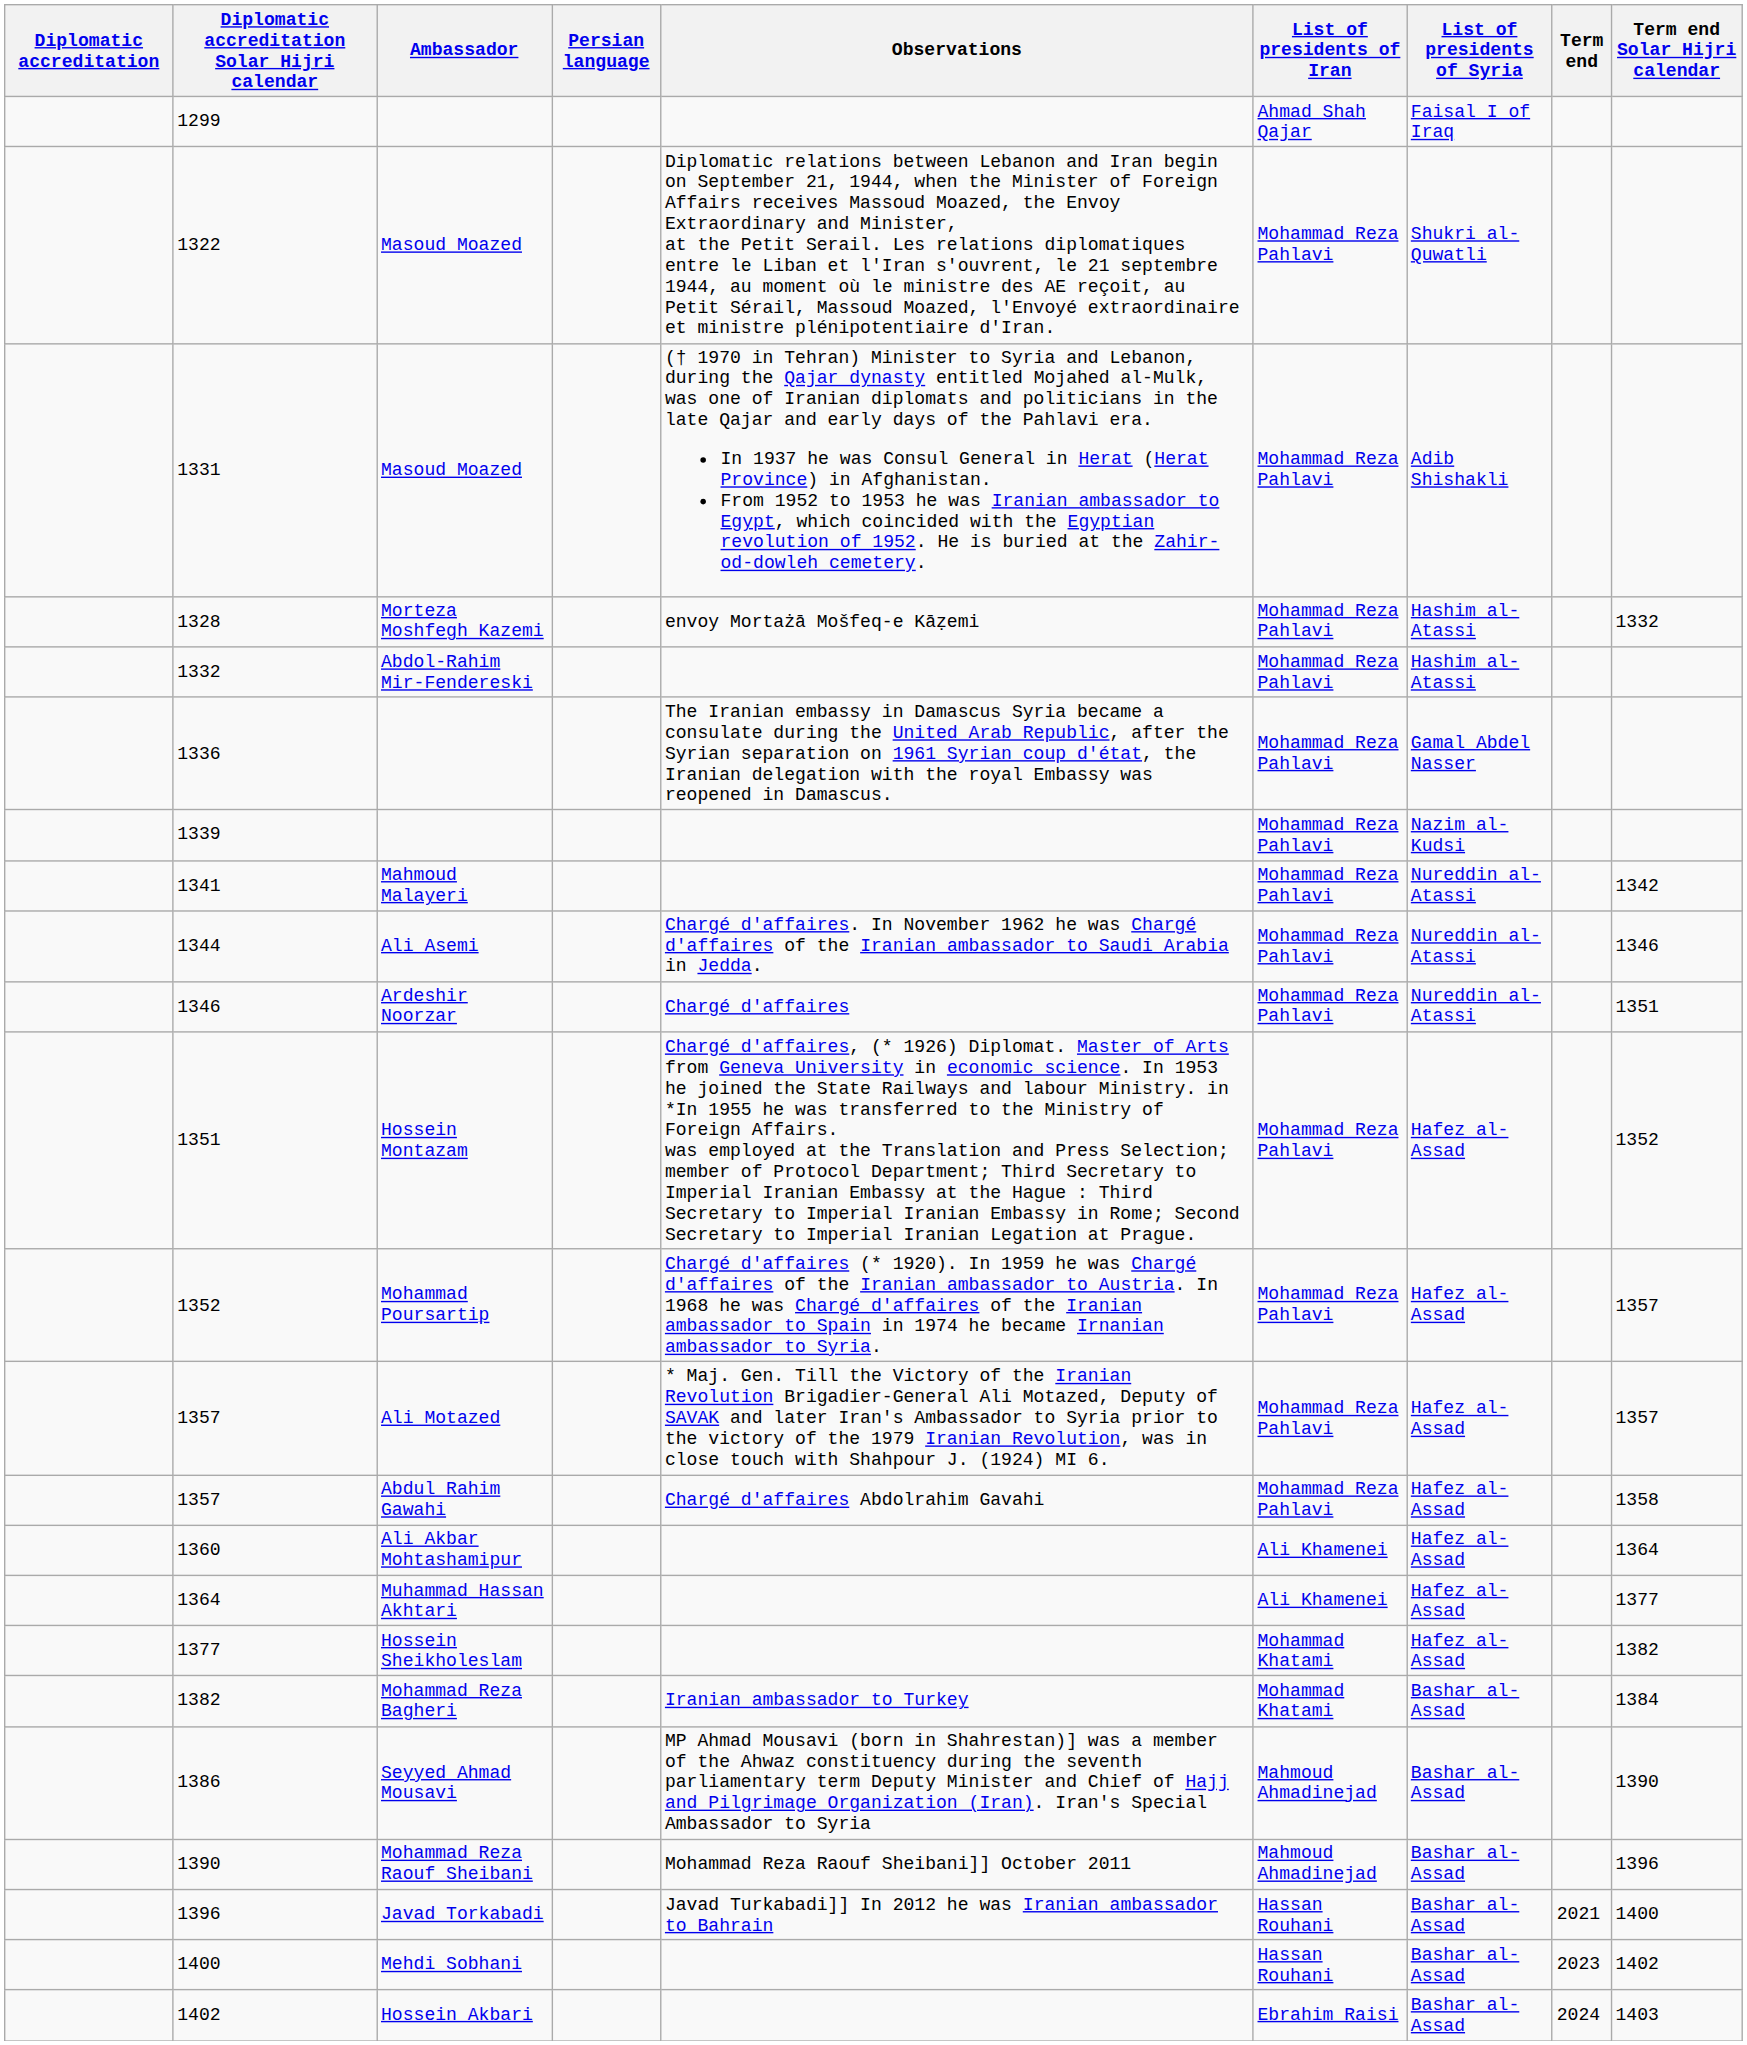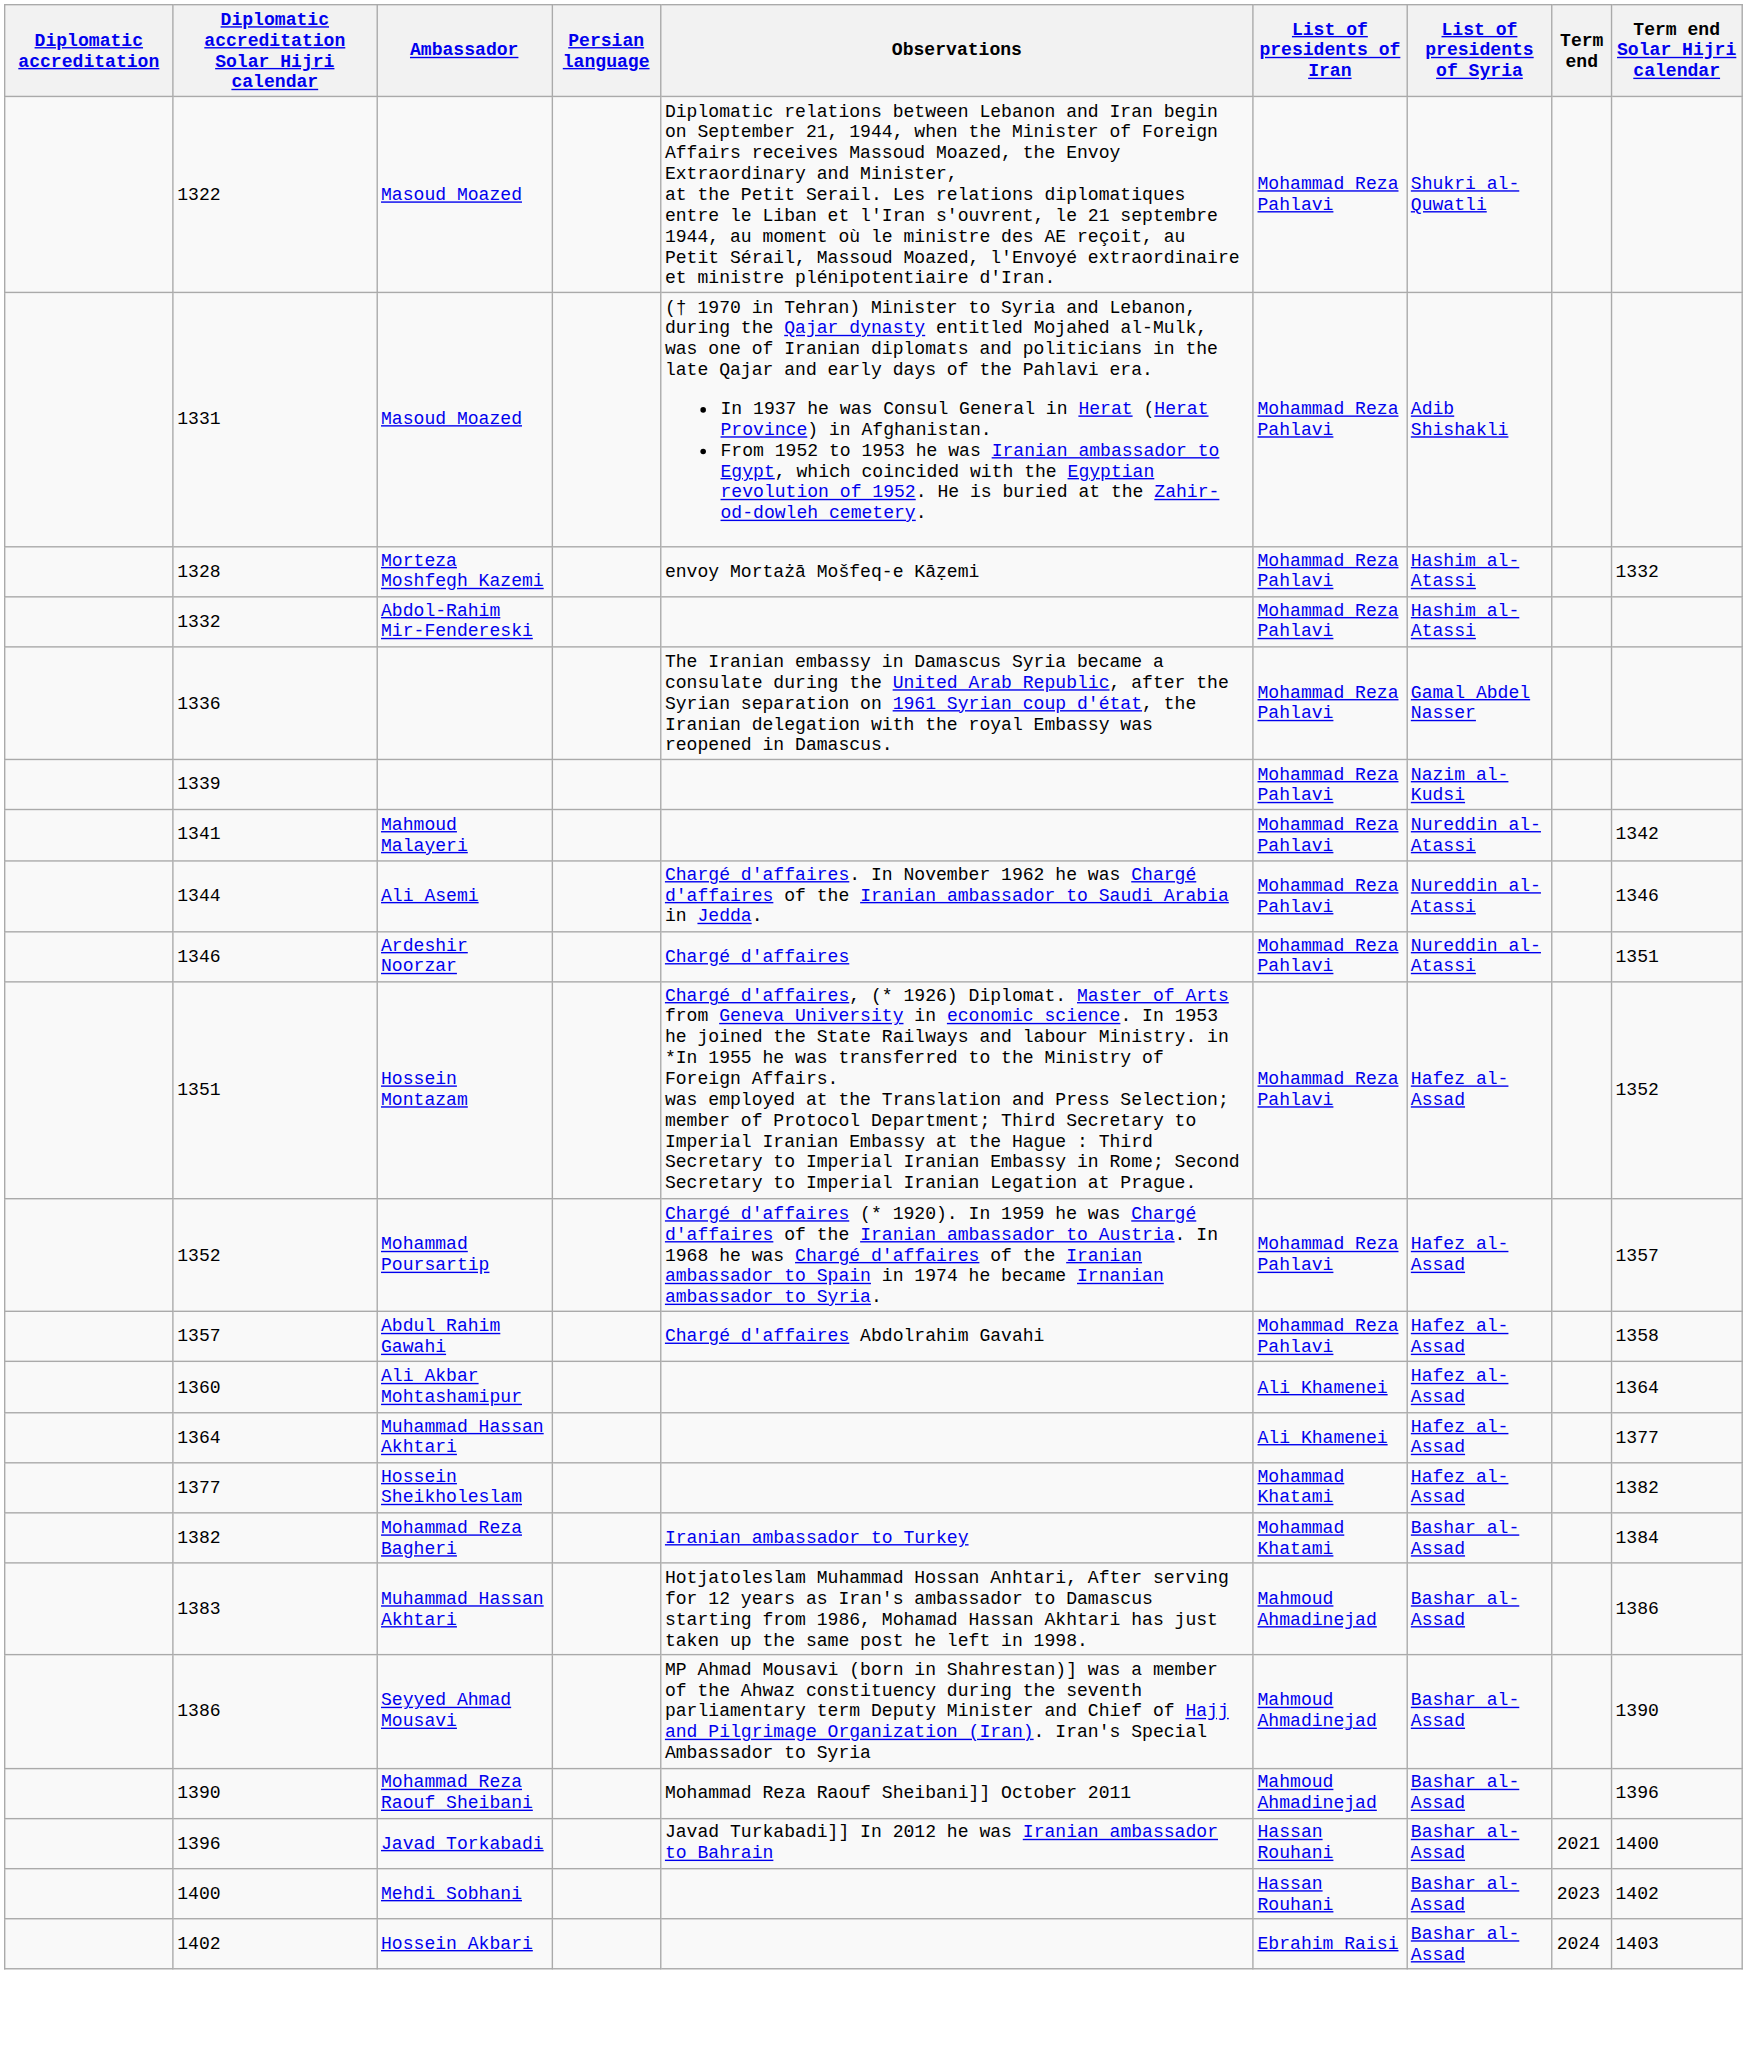 <table class="wikitable sortable">
 <tr>
 <th><a href='#'>Diplomatic accreditation</a></th>
 <th><a href='#'>Diplomatic accreditation</a> <a href='#'>Solar Hijri calendar</a></th>
 <th><a href='#'>Ambassador</a></th>
 <th><a href='#'>Persian language</a></th>
 <th>Observations</th>
 <th><a href='#'>List of presidents of Iran</a></th>
 <th><a href='#'>List of presidents of Syria</a></th>
 <th>Term end</th>
 <th>Term end <a href='#'>Solar Hijri calendar</a></th>
-</tr>
-<tr>
-<td></td>
-<td>1299</td>
-<td></td>
-<td></td>
-<td></td>
-<td><a href='#'>Ahmad Shah Qajar</a></td>
-<td><a href='#'>Faisal I of Iraq</a></td>
-<td></td>
-<td></td>
 </tr>
 <tr>
 <td></td>
 <td>1322</td>
 <td><a href='#'>Masoud Moazed</a></td>
 <td></td>
 <td>Diplomatic relations between Lebanon and Iran begin on September 21, 1944, when the Minister of Foreign Affairs receives Massoud Moazed, the Envoy Extraordinary and Minister,<br>at the Petit Serail. Les relations diplomatiques entre le Liban et l'Iran s'ouvrent, le 21 septembre 1944, au moment où le ministre des AE reçoit, au Petit Sérail, Massoud Moazed, l'Envoyé extraordinaire et ministre plénipotentiaire d'Iran.</td>
 <td><a href='#'>Mohammad Reza Pahlavi</a></td>
 <td><a href='#'>Shukri al-Quwatli</a></td>
 <td></td>
 <td></td>
 </tr>
 <tr>
 <td></td>
 <td>1331</td>
 <td><a href='#'>Masoud Moazed</a></td>
 <td></td>
 <td>(† 1970 in Tehran) Minister to Syria and Lebanon, during the <a href='#'>Qajar dynasty</a> entitled  Mojahed al-Mulk, was one of Iranian diplomats and politicians in the late Qajar and early days of the Pahlavi era.<br><ul><li>In 1937 he was Consul General in <a href='#'>Herat</a> (<a href='#'>Herat Province</a>) in Afghanistan.</li><li>From 1952 to 1953 he was <a href='#'>Iranian ambassador to Egypt</a>, which coincided with the <a href='#'>Egyptian revolution of 1952</a>. He is buried at the <a href='#'>Zahir-od-dowleh cemetery</a>.</li></ul></td>
 <td><a href='#'>Mohammad Reza Pahlavi</a></td>
 <td><a href='#'>Adib Shishakli</a></td>
 <td></td>
 <td></td>
 </tr>
 <tr>
 <td></td>
 <td>1328</td>
 <td><a href='#'>Morteza Moshfegh Kazemi</a></td>
 <td></td>
 <td>envoy Mortażā Mošfeq-e Kāẓemi</td>
 <td><a href='#'>Mohammad Reza Pahlavi</a></td>
 <td><a href='#'>Hashim al-Atassi</a></td>
 <td></td>
 <td>1332</td>
 </tr>
 <tr>
 <td></td>
 <td>1332</td>
 <td><a href='#'>Abdol-Rahim Mir-Fendereski</a></td>
 <td></td>
 <td></td>
 <td><a href='#'>Mohammad Reza Pahlavi</a></td>
 <td><a href='#'>Hashim al-Atassi</a></td>
 <td></td>
 <td></td>
 </tr>
 <tr>
 <td></td>
 <td>1336</td>
 <td></td>
 <td></td>
 <td>The Iranian embassy in Damascus Syria became a consulate during the <a href='#'>United Arab Republic</a>, after the Syrian separation on <a href='#'>1961 Syrian coup d'état</a>, the Iranian delegation with the royal  Embassy was reopened in Damascus.</td>
 <td><a href='#'>Mohammad Reza Pahlavi</a></td>
 <td><a href='#'>Gamal Abdel Nasser</a></td>
 <td></td>
 <td></td>
 </tr>
 <tr>
 <td></td>
 <td>1339</td>
 <td></td>
 <td></td>
 <td></td>
 <td><a href='#'>Mohammad Reza Pahlavi</a></td>
 <td><a href='#'>Nazim al-Kudsi</a></td>
 <td></td>
 <td></td>
 </tr>
 <tr>
 <td></td>
 <td>1341</td>
 <td><a href='#'>Mahmoud Malayeri</a></td>
 <td></td>
 <td></td>
 <td><a href='#'>Mohammad Reza Pahlavi</a></td>
 <td><a href='#'>Nureddin al-Atassi</a></td>
 <td></td>
 <td>1342</td>
 </tr>
 <tr>
 <td></td>
 <td>1344</td>
 <td><a href='#'>Ali Asemi</a></td>
 <td></td>
 <td><a href='#'>Chargé d'affaires</a>. In November 1962 he was <a href='#'>Chargé d'affaires</a> of the <a href='#'>Iranian ambassador to Saudi Arabia</a> in <a href='#'>Jedda</a>.</td>
 <td><a href='#'>Mohammad Reza Pahlavi</a></td>
 <td><a href='#'>Nureddin al-Atassi</a></td>
 <td></td>
 <td>1346</td>
 </tr>
 <tr>
 <td></td>
 <td>1346</td>
 <td><a href='#'>Ardeshir Noorzar</a></td>
 <td></td>
 <td><a href='#'>Chargé d'affaires</a></td>
 <td><a href='#'>Mohammad Reza Pahlavi</a></td>
 <td><a href='#'>Nureddin al-Atassi</a></td>
 <td></td>
 <td>1351</td>
 </tr>
 <tr>
 <td></td>
 <td>1351</td>
 <td><a href='#'>Hossein Montazam</a></td>
 <td></td>
 <td><a href='#'>Chargé d'affaires</a>, (* 1926)  Diplomat. <a href='#'>Master of Arts</a> from <a href='#'>Geneva University</a> in <a href='#'>economic science</a>. In 1953 he joined the State Railways and labour Ministry. in *In 1955 he was transferred to the Ministry of Foreign Affairs.<br>was employed at the Translation and Press Selection; member of Protocol Department; Third Secretary to Imperial Iranian Embassy at the Hague : Third Secretary to Imperial Iranian Embassy in Rome; Second Secretary to Imperial Iranian Legation at Prague.</td>
 <td><a href='#'>Mohammad Reza Pahlavi</a></td>
 <td><a href='#'>Hafez al-Assad</a></td>
 <td></td>
 <td>1352</td>
 </tr>
 <tr>
 <td></td>
 <td>1352</td>
 <td><a href='#'>Mohammad Poursartip</a></td>
 <td></td>
 <td><a href='#'>Chargé d'affaires</a> (* 1920). In 1959 he was <a href='#'>Chargé d'affaires</a> of the <a href='#'>Iranian ambassador to Austria</a>. In 1968 he was <a href='#'>Chargé d'affaires</a> of the <a href='#'>Iranian ambassador to Spain</a> in 1974 he became <a href='#'>Irnanian ambassador to Syria</a>.</td>
 <td><a href='#'>Mohammad Reza Pahlavi</a></td>
 <td><a href='#'>Hafez al-Assad</a></td>
 <td></td>
 <td>1357</td>
 </tr>
 <tr>
 <td></td>
 <td>1357</td>
-<td><a href='#'>Ali Motazed</a></td>
-<td></td>
-<td>* Maj. Gen. Till the Victory of the <a href='#'>Iranian Revolution</a> Brigadier-General Ali Motazed, Deputy of <a href='#'>SAVAK</a> and later Iran's Ambassador to Syria prior to the victory of the 1979 <a href='#'>Iranian Revolution</a>, was in close touch with Shahpour J. (1924) MI 6.</td>
-<td><a href='#'>Mohammad Reza Pahlavi</a></td>
-<td><a href='#'>Hafez al-Assad</a></td>
-<td></td>
-<td>1357</td>
-</tr>
-<tr>
-<td></td>
-<td>1357</td>
 <td><a href='#'>Abdul Rahim Gawahi</a></td>
 <td></td>
 <td><a href='#'>Chargé d'affaires</a> Abdolrahim Gavahi</td>
 <td><a href='#'>Mohammad Reza Pahlavi</a></td>
 <td><a href='#'>Hafez al-Assad</a></td>
 <td></td>
 <td>1358</td>
 </tr>
 <tr>
 <td></td>
 <td>1360</td>
 <td><a href='#'>Ali Akbar Mohtashamipur</a></td>
 <td></td>
 <td></td>
 <td><a href='#'>Ali Khamenei</a></td>
 <td><a href='#'>Hafez al-Assad</a></td>
 <td></td>
 <td>1364</td>
 </tr>
 <tr>
 <td></td>
 <td>1364</td>
 <td><a href='#'>Muhammad Hassan Akhtari</a></td>
 <td></td>
 <td></td>
 <td><a href='#'>Ali Khamenei</a></td>
 <td><a href='#'>Hafez al-Assad</a></td>
 <td></td>
 <td>1377</td>
 </tr>
 <tr>
 <td></td>
 <td>1377</td>
 <td><a href='#'>Hossein Sheikholeslam</a></td>
 <td></td>
 <td></td>
 <td><a href='#'>Mohammad Khatami</a></td>
 <td><a href='#'>Hafez al-Assad</a></td>
 <td></td>
 <td>1382</td>
 </tr>
 <tr>
 <td></td>
 <td>1382</td>
 <td><a href='#'>Mohammad Reza Bagheri</a></td>
 <td></td>
 <td><a href='#'>Iranian ambassador to Turkey</a></td>
 <td><a href='#'>Mohammad Khatami</a></td>
 <td><a href='#'>Bashar al-Assad</a></td>
 <td></td>
 <td>1384</td>
+</tr>
+<tr>
+<td></td>
+<td>1383</td>
+<td><a href='#'>Muhammad Hassan Akhtari</a></td>
+<td></td>
+<td>Hotjatoleslam Muhammad Hossan Anhtari, After serving for 12 years as Iran's ambassador to Damascus starting from 1986, Mohamad Hassan Akhtari has just taken up the same post he left in 1998.</td>
+<td><a href='#'>Mahmoud Ahmadinejad</a></td>
+<td><a href='#'>Bashar al-Assad</a></td>
+<td></td>
+<td>1386</td>
 </tr>
 <tr>
 <td></td>
 <td>1386</td>
 <td><a href='#'>Seyyed Ahmad Mousavi</a></td>
 <td></td>
 <td>MP Ahmad Mousavi (born in Shahrestan)] was a member of the Ahwaz constituency during the seventh parliamentary term Deputy Minister and Chief of <a href='#'>Hajj and Pilgrimage Organization (Iran)</a>. Iran's Special Ambassador to Syria</td>
 <td><a href='#'>Mahmoud Ahmadinejad</a></td>
 <td><a href='#'>Bashar al-Assad</a></td>
 <td></td>
 <td>1390</td>
 </tr>
 <tr>
 <td></td>
 <td>1390</td>
 <td><a href='#'>Mohammad Reza Raouf Sheibani</a></td>
 <td></td>
 <td>Mohammad Reza Raouf Sheibani]] October 2011</td>
 <td><a href='#'>Mahmoud Ahmadinejad</a></td>
 <td><a href='#'>Bashar al-Assad</a></td>
 <td></td>
 <td>1396</td>
 </tr>
 <tr>
 <td></td>
 <td>1396</td>
 <td><a href='#'>Javad Torkabadi</a></td>
 <td></td>
 <td>Javad Turkabadi]] In 2012 he was <a href='#'>Iranian ambassador to Bahrain</a></td>
 <td><a href='#'>Hassan Rouhani</a></td>
 <td><a href='#'>Bashar al-Assad</a></td>
 <td>2021</td>
 <td>1400</td>
 </tr>
 <tr>
 <td></td>
 <td>1400</td>
 <td><a href='#'>Mehdi Sobhani</a></td>
 <td></td>
 <td></td>
 <td><a href='#'>Hassan Rouhani</a></td>
 <td><a href='#'>Bashar al-Assad</a></td>
 <td>2023</td>
 <td>1402</td>
 </tr>
 <tr>
 <td></td>
 <td>1402</td>
 <td><a href='#'>Hossein Akbari</a></td>
 <td></td>
 <td></td>
 <td><a href='#'>Ebrahim Raisi</a></td>
 <td><a href='#'>Bashar al-Assad</a></td>
 <td>2024</td>
 <td>1403</td>
 </tr>
 </table>
